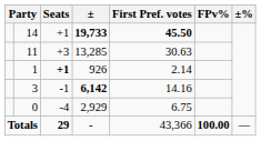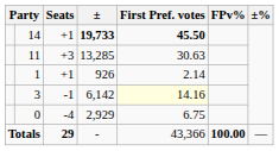 <table class=wikitable>
 <tr>
 <th colspan=2 align=center>Party</th>
 <th valign=top>Seats</th>
 <th valign=top>±</th>
 <th valign=top>First Pref. votes</th>
 <th valign=top>FPv%</th>
 <th valign=top>±%</th>
 </tr>
 <tr>
 <td></td>
 <td align=right>14</td>
 <td align=right>+1</td>
 <td align=right><strong>19,733</strong></td>
 <td align=right><strong>45.50</strong></td>
 <td align=right></td>
 </tr>
 <tr>
 <td></td>
 <td align=right>11</td>
 <td align=right>+3</td>
 <td align=right>13,285</td>
 <td align=right>30.63</td>
 <td align=right></td>
 </tr>
 <tr>
 <td></td>
 <td align=right>1</td>
-<td align=right><strong>+1</strong></td>
+<td align=right>+1</td>
 <td align=right>926</td>
 <td align=right>2.14</td>
 <td align=right></td>
 </tr>
 <tr>
 <td></td>
 <td align=right>3</td>
 <td align=right>-1</td>
-<td align=right><strong>6,142</strong></td>
-<td align=right>14.16</td>
+<td align=right>6,142</td>
+<td align=right style="background: lightyellow;">14.16</td>
 <td align=right></td>
 </tr>
 <tr>
 <td></td>
 <td align=right>0</td>
 <td align=right>-4</td>
 <td align=right>2,929</td>
 <td align=right>6.75</td>
 <td align=right></td>
 </tr>
 <tr>
 <td colspan=2 align=center><strong>Totals</strong></td>
 <td align=right><strong>29</strong></td>
 <td align=center>-</td>
 <td align=right>43,366</td>
 <td align=center><strong>100.00</strong></td>
 <td align=center>—</td>
 </tr>
 </table>
